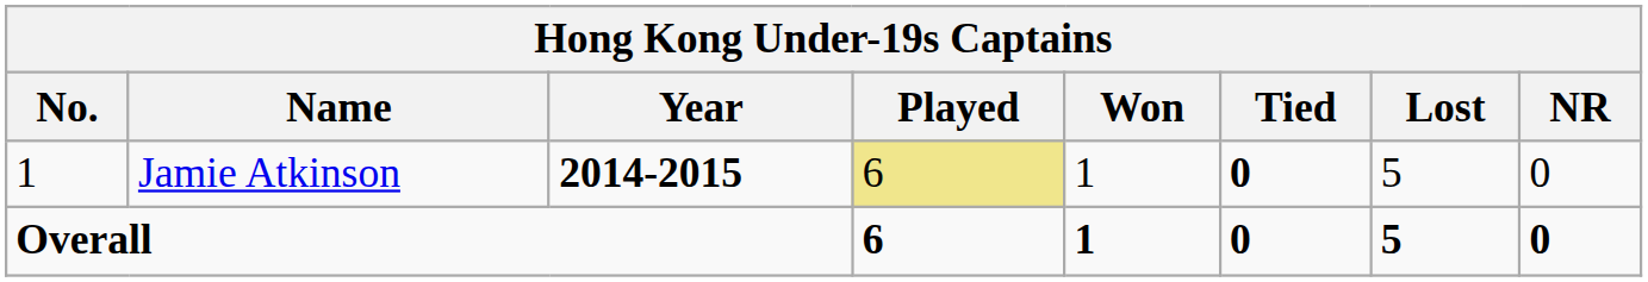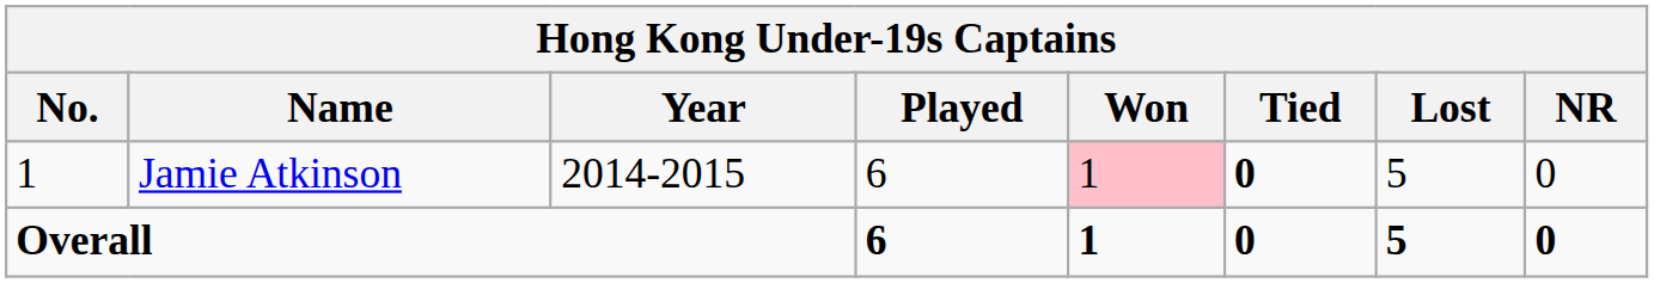 <table class="wikitable" width="70%">
 <tr>
 <th bgcolor="#efefef" colspan=9>Hong Kong Under-19s Captains</th>
 </tr>
 <tr bgcolor="#efefef">
 <th>No.</th>
 <th>Name</th>
 <th>Year</th>
 <th>Played</th>
 <th>Won</th>
 <th>Tied</th>
 <th>Lost</th>
 <th>NR</th>
 </tr>
 <tr>
 <td>1</td>
 <td><a href='#'>Jamie Atkinson</a></td>
-<td><strong>2014-2015</strong></td>
-<td style="background: khaki;">6</td>
-<td>1</td>
+<td>2014-2015</td>
+<td>6</td>
+<td style="background: pink;">1</td>
 <td><strong>0</strong></td>
 <td>5</td>
 <td>0</td>
 </tr>
 <tr>
 <td colspan=3><strong>Overall</strong></td>
 <td><strong>6</strong></td>
 <td><strong>1</strong></td>
 <td><strong>0</strong></td>
 <td><strong>5</strong></td>
 <td><strong>0</strong></td>
 </tr>
 </table>
